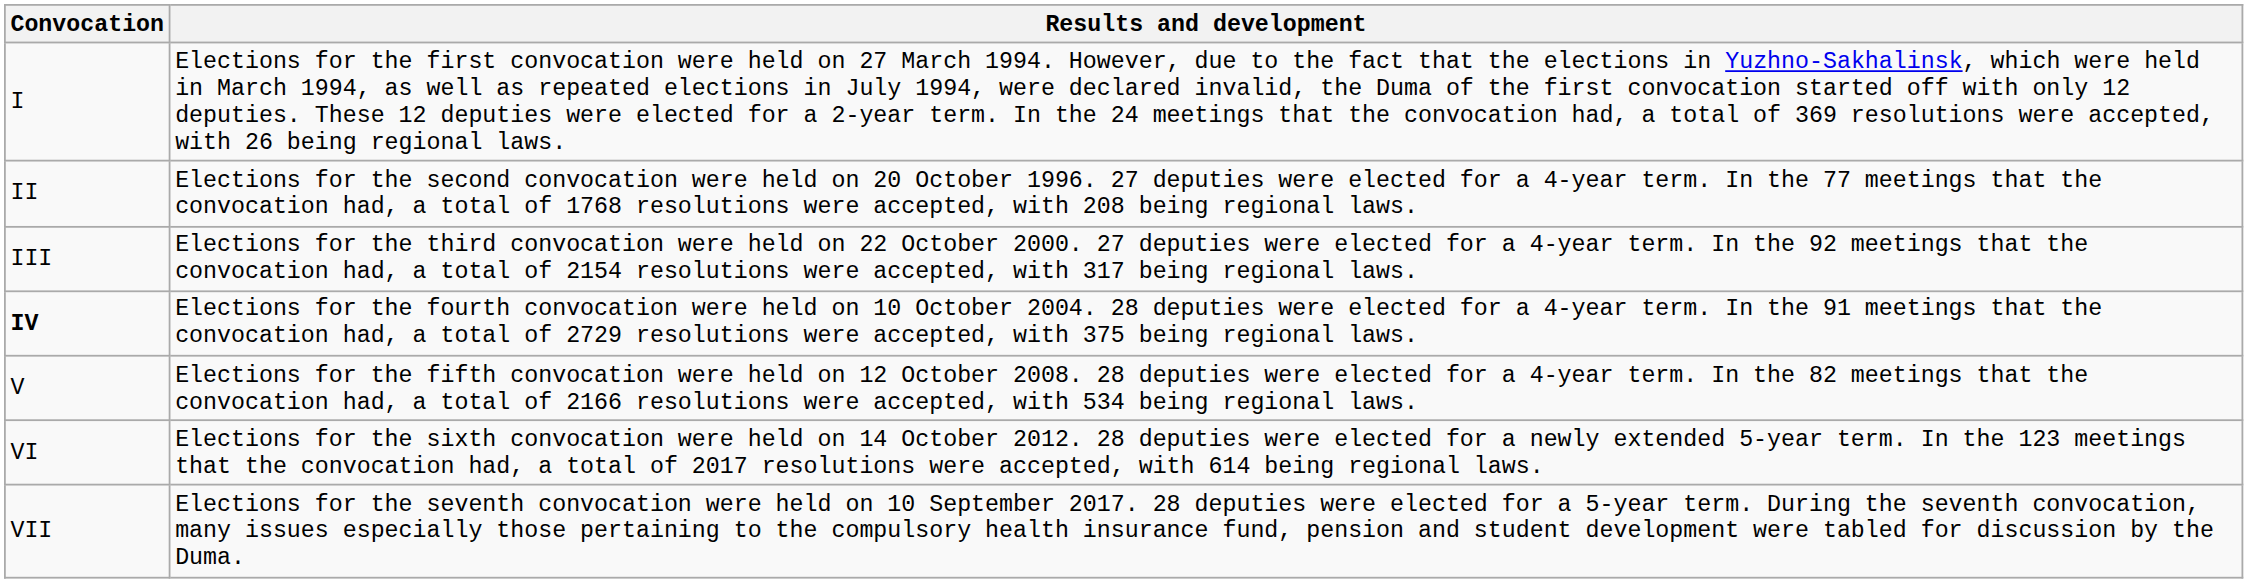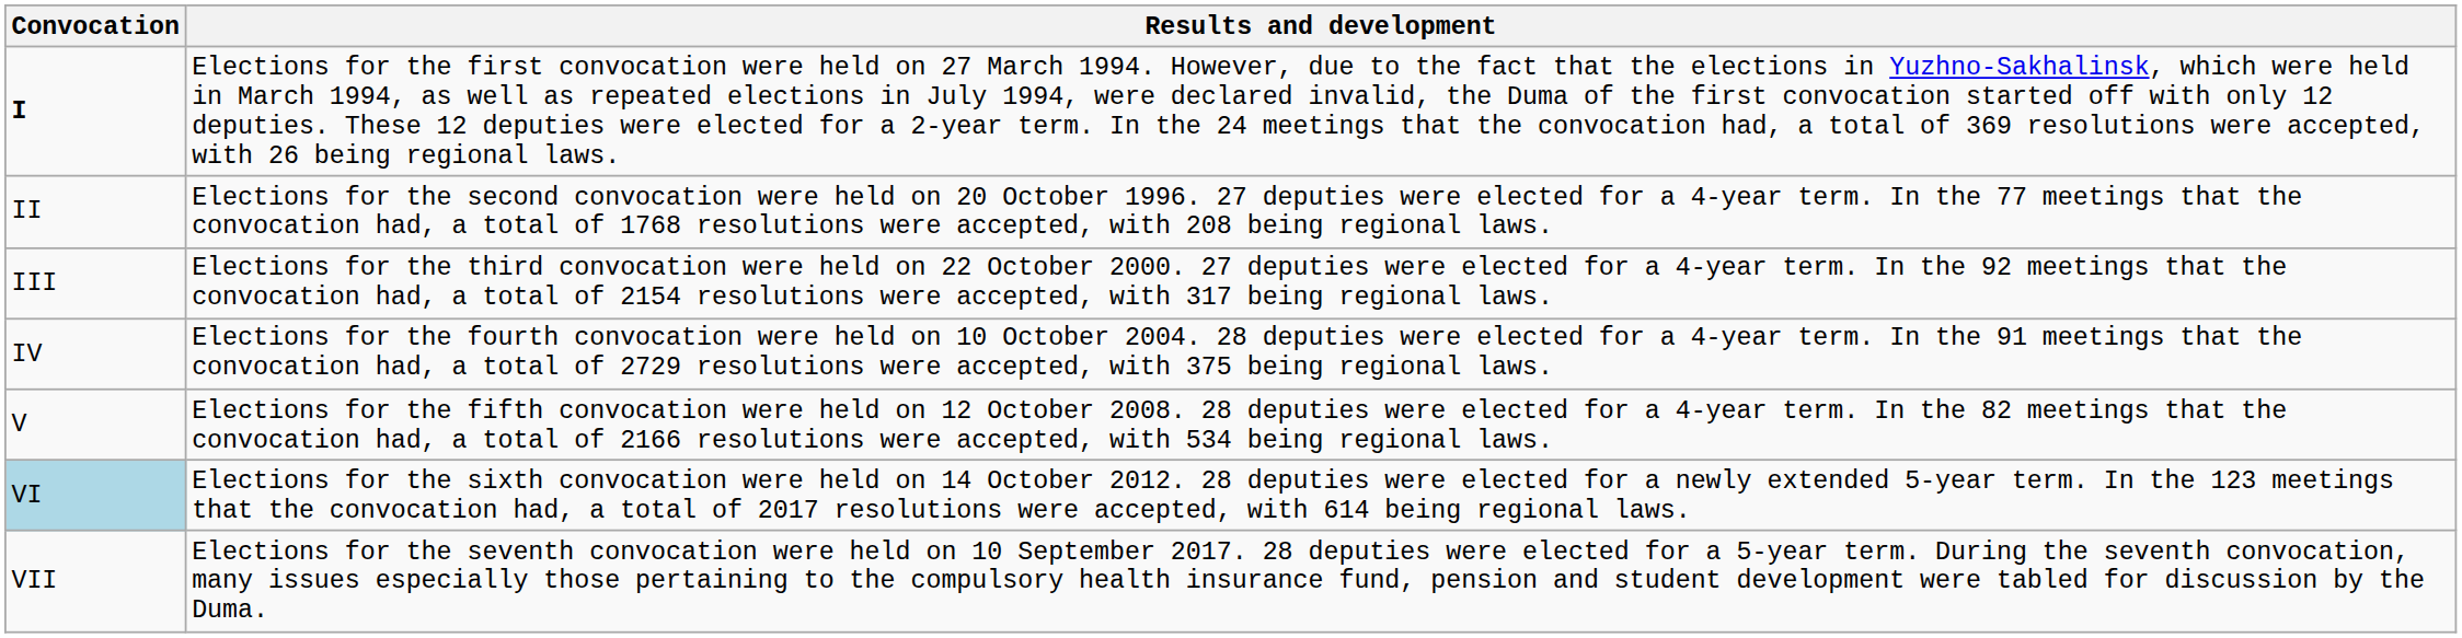 <table class="wikitable">
 <tr>
 <th>Convocation</th>
 <th>Results and development</th>
 </tr>
 <tr>
-<td>I</td>
+<td><strong>I</strong></td>
 <td>Elections for the first convocation were held on 27 March 1994. However, due to the fact that the elections in <a href='#'>Yuzhno-Sakhalinsk</a>, which were held in March 1994, as well as repeated elections in July 1994, were declared invalid, the Duma of the first convocation started off with only 12 deputies. These 12 deputies were elected for a 2-year term. In the 24 meetings that the convocation had, a total of 369 resolutions were accepted, with 26 being regional laws.</td>
 </tr>
 <tr>
 <td>II</td>
 <td>Elections for the second convocation were held on 20 October 1996. 27 deputies were elected for a 4-year term. In the 77 meetings that the convocation had, a total of 1768 resolutions were accepted, with 208 being regional laws.</td>
 </tr>
 <tr>
 <td>III</td>
 <td>Elections for the third convocation were held on 22 October 2000. 27 deputies were elected for a 4-year term. In the 92 meetings that the convocation had, a total of 2154 resolutions were accepted, with 317 being regional laws.</td>
 </tr>
 <tr>
-<td><strong>IV</strong></td>
+<td>IV</td>
 <td>Elections for the fourth convocation were held on 10 October 2004. 28 deputies were elected for a 4-year term. In the 91 meetings that the convocation had, a total of 2729 resolutions were accepted, with 375 being regional laws.</td>
 </tr>
 <tr>
 <td>V</td>
 <td>Elections for the fifth convocation were held on 12 October 2008. 28 deputies were elected for a 4-year term. In the 82 meetings that the convocation had, a total of 2166 resolutions were accepted, with 534 being regional laws.</td>
 </tr>
 <tr>
-<td>VI</td>
+<td style="background: lightblue;">VI</td>
 <td>Elections for the sixth convocation were held on 14 October 2012. 28 deputies were elected for a newly extended 5-year term. In the 123 meetings that the convocation had, a total of 2017 resolutions were accepted, with 614 being regional laws.</td>
 </tr>
 <tr>
 <td>VII</td>
 <td>Elections for the seventh convocation were held on 10 September 2017. 28 deputies were elected for a 5-year term. During the seventh convocation, many issues especially those pertaining to the compulsory health insurance fund, pension and student development were tabled for discussion by the Duma.</td>
 </tr>
 </table>
